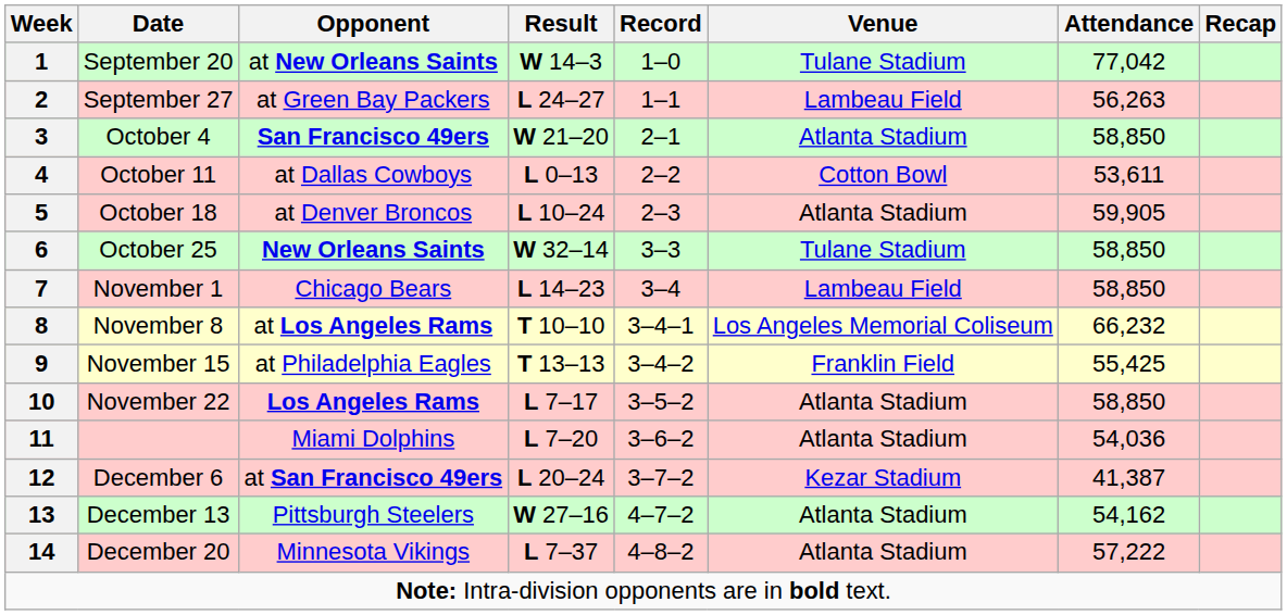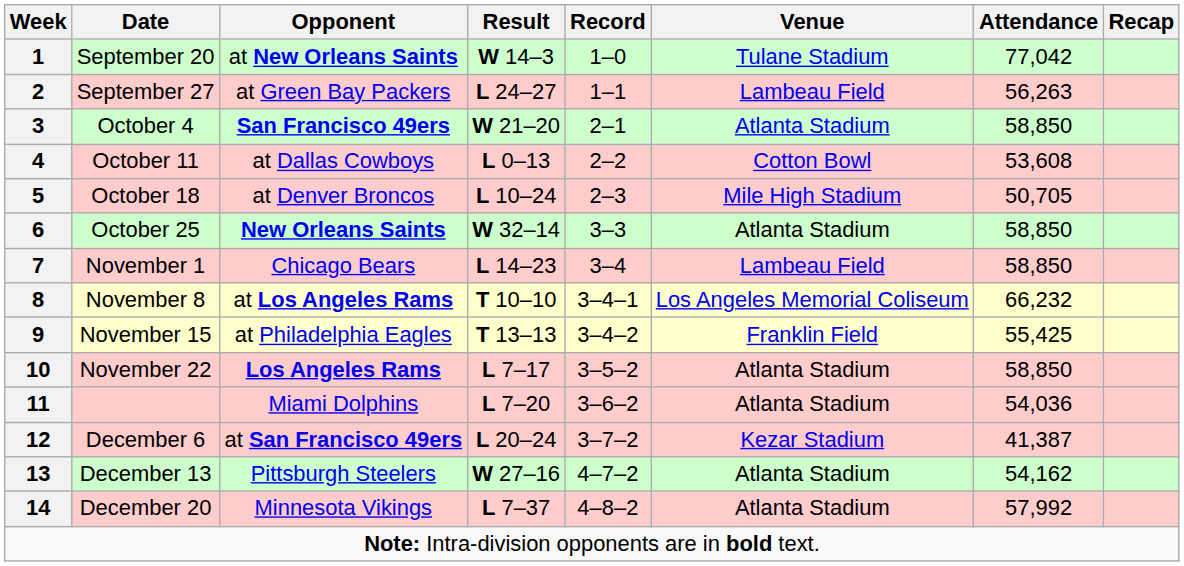 <table class="wikitable" style="text-align:center">
 <tr>
 <th>Week</th>
 <th>Date</th>
 <th>Opponent</th>
 <th>Result</th>
 <th>Record</th>
 <th>Venue</th>
 <th>Attendance</th>
 <th>Recap</th>
 </tr>
 <tr style="background:#cfc">
 <th>1</th>
 <td>September 20</td>
 <td>at <strong><a href='#'>New Orleans Saints</a></strong></td>
 <td><strong>W</strong> 14–3</td>
 <td>1–0</td>
 <td><a href='#'>Tulane Stadium</a></td>
 <td>77,042</td>
 <td></td>
 </tr>
 <tr style="background:#fcc">
 <th>2</th>
 <td>September 27</td>
 <td>at <a href='#'>Green Bay Packers</a></td>
 <td><strong>L</strong> 24–27</td>
 <td>1–1</td>
 <td><a href='#'>Lambeau Field</a></td>
 <td>56,263</td>
 <td></td>
 </tr>
 <tr style="background:#cfc">
 <th>3</th>
 <td>October 4</td>
 <td><strong><a href='#'>San Francisco 49ers</a></strong></td>
 <td><strong>W</strong> 21–20</td>
 <td>2–1</td>
 <td><a href='#'>Atlanta Stadium</a></td>
 <td>58,850</td>
 <td></td>
 </tr>
 <tr style="background:#fcc">
 <th>4</th>
 <td>October 11</td>
 <td>at <a href='#'>Dallas Cowboys</a></td>
 <td><strong>L</strong> 0–13</td>
 <td>2–2</td>
 <td><a href='#'>Cotton Bowl</a></td>
-<td>53,611</td>
+<td>53,608</td>
 <td></td>
 </tr>
 <tr style="background:#fcc">
 <th>5</th>
 <td>October 18</td>
 <td>at <a href='#'>Denver Broncos</a></td>
 <td><strong>L</strong> 10–24</td>
 <td>2–3</td>
-<td>Atlanta Stadium</td>
-<td>59,905</td>
+<td><a href='#'>Mile High Stadium</a></td>
+<td>50,705</td>
 <td></td>
 </tr>
 <tr style="background:#cfc">
 <th>6</th>
 <td>October 25</td>
 <td><strong><a href='#'>New Orleans Saints</a></strong></td>
 <td><strong>W</strong> 32–14</td>
 <td>3–3</td>
-<td><a href='#'>Tulane Stadium</a></td>
+<td>Atlanta Stadium</td>
 <td>58,850</td>
 <td></td>
 </tr>
 <tr style="background:#fcc">
 <th>7</th>
 <td>November 1</td>
 <td><a href='#'>Chicago Bears</a></td>
 <td><strong>L</strong> 14–23</td>
 <td>3–4</td>
 <td><a href='#'>Lambeau Field</a></td>
 <td>58,850</td>
 <td></td>
 </tr>
 <tr style="background:#ffc">
 <th>8</th>
 <td>November 8</td>
 <td>at <strong><a href='#'>Los Angeles Rams</a></strong></td>
 <td><strong>T</strong> 10–10</td>
 <td>3–4–1</td>
 <td><a href='#'>Los Angeles Memorial Coliseum</a></td>
 <td>66,232</td>
 <td></td>
 </tr>
 <tr style="background:#ffc">
 <th>9</th>
 <td>November 15</td>
 <td>at <a href='#'>Philadelphia Eagles</a></td>
 <td><strong>T</strong> 13–13</td>
 <td>3–4–2</td>
 <td><a href='#'>Franklin Field</a></td>
 <td>55,425</td>
 <td></td>
 </tr>
 <tr style="background:#fcc">
 <th>10</th>
 <td>November 22</td>
 <td><strong><a href='#'>Los Angeles Rams</a></strong></td>
 <td><strong>L</strong> 7–17</td>
 <td>3–5–2</td>
 <td>Atlanta Stadium</td>
 <td>58,850</td>
 <td></td>
 </tr>
 <tr style="background:#fcc">
 <th>11</th>
 <td></td>
 <td><a href='#'>Miami Dolphins</a></td>
 <td><strong>L</strong> 7–20</td>
 <td>3–6–2</td>
 <td>Atlanta Stadium</td>
 <td>54,036</td>
 <td></td>
 </tr>
 <tr style="background:#fcc">
 <th>12</th>
 <td>December 6</td>
 <td>at <strong><a href='#'>San Francisco 49ers</a></strong></td>
 <td><strong>L</strong> 20–24</td>
 <td>3–7–2</td>
 <td><a href='#'>Kezar Stadium</a></td>
 <td>41,387</td>
 <td></td>
 </tr>
 <tr style="background:#cfc">
 <th>13</th>
 <td>December 13</td>
 <td><a href='#'>Pittsburgh Steelers</a></td>
 <td><strong>W</strong> 27–16</td>
 <td>4–7–2</td>
 <td>Atlanta Stadium</td>
 <td>54,162</td>
 <td></td>
 </tr>
 <tr style="background:#fcc">
 <th>14</th>
 <td>December 20</td>
 <td><a href='#'>Minnesota Vikings</a></td>
 <td><strong>L</strong> 7–37</td>
 <td>4–8–2</td>
 <td>Atlanta Stadium</td>
-<td>57,222</td>
+<td>57,992</td>
 <td></td>
 </tr>
 <tr>
 <td colspan="8"><strong>Note:</strong> Intra-division opponents are in <strong>bold</strong> text.</td>
 </tr>
 </table>
